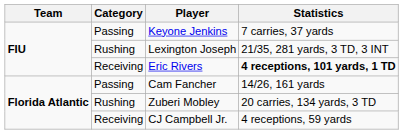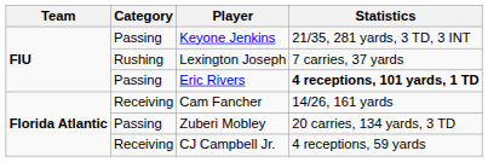 <table class="wikitable" style="float: right;">
 <tr>
 <th>Team</th>
 <th>Category</th>
 <th>Player</th>
 <th>Statistics</th>
 </tr>
 <tr>
 <td rowspan=3><strong>FIU</strong></td>
 <td>Passing</td>
 <td><a href='#'>Keyone Jenkins</a></td>
-<td>7 carries, 37 yards</td>
+<td>21/35, 281 yards, 3 TD, 3 INT</td>
 </tr>
 <tr>
 <td>Rushing</td>
 <td>Lexington Joseph</td>
-<td>21/35, 281 yards, 3 TD, 3 INT</td>
+<td>7 carries, 37 yards</td>
 </tr>
 <tr>
-<td>Receiving</td>
+<td>Passing</td>
 <td><a href='#'>Eric Rivers</a></td>
 <td><strong>4 receptions, 101 yards, 1 TD</strong></td>
 </tr>
 <tr>
 <td rowspan=3><strong>Florida Atlantic</strong></td>
-<td>Passing</td>
+<td>Receiving</td>
 <td>Cam Fancher</td>
 <td>14/26, 161 yards</td>
 </tr>
 <tr>
-<td>Rushing</td>
+<td>Passing</td>
 <td>Zuberi Mobley</td>
 <td>20 carries, 134 yards, 3 TD</td>
 </tr>
 <tr>
 <td>Receiving</td>
 <td>CJ Campbell Jr.</td>
 <td>4 receptions, 59 yards</td>
 </tr>
 </table>
